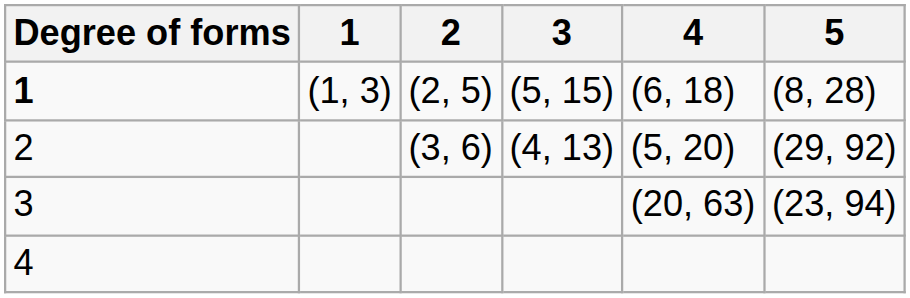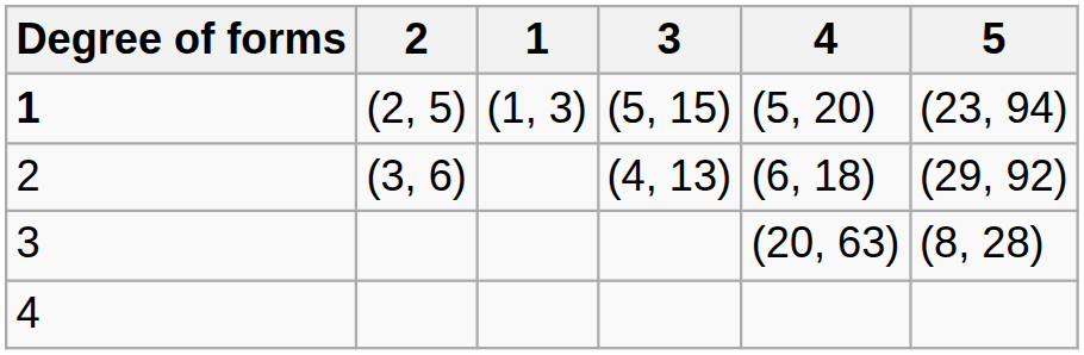 <table class="wikitable">
 <tr>
 <th>Degree of forms</th>
+<th>2</th>
 <th>1</th>
-<th>2</th>
 <th>3</th>
 <th>4</th>
 <th>5</th>
 </tr>
 <tr>
 <td><strong>1</strong></td>
+<td>(2, 5)</td>
 <td>(1, 3)</td>
-<td>(2, 5)</td>
 <td>(5, 15)</td>
-<td>(6, 18)</td>
-<td>(8, 28)</td>
+<td>(5, 20)</td>
+<td>(23, 94)</td>
 </tr>
 <tr>
 <td>2</td>
+<td>(3, 6)</td>
 <td></td>
-<td>(3, 6)</td>
 <td>(4, 13)</td>
-<td>(5, 20)</td>
+<td>(6, 18)</td>
 <td>(29, 92)</td>
 </tr>
 <tr>
 <td>3</td>
 <td></td>
 <td></td>
 <td></td>
 <td>(20, 63)</td>
-<td>(23, 94)</td>
+<td>(8, 28)</td>
 </tr>
 <tr>
 <td>4</td>
 <td></td>
 <td></td>
 <td></td>
 <td></td>
 <td></td>
 </tr>
 </table>
